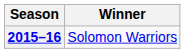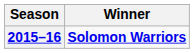 <table class="wikitable plainrowheaders sortable">
 <tr>
 <th scope="col">Season</th>
 <th scope="col">Winner</th>
 </tr>
 <tr>
 <th scope="row"><a href='#'>2015–16</a></th>
-<td><a href='#'>Solomon Warriors</a></td>
+<td><strong><a href='#'>Solomon Warriors</a></strong></td>
 </tr>
 </table>
